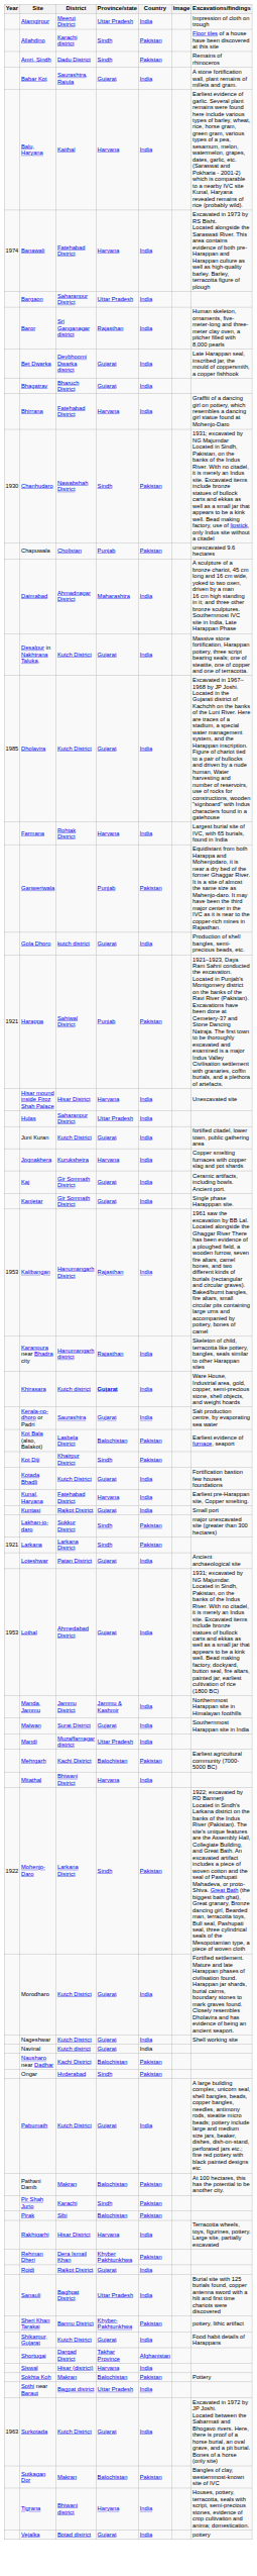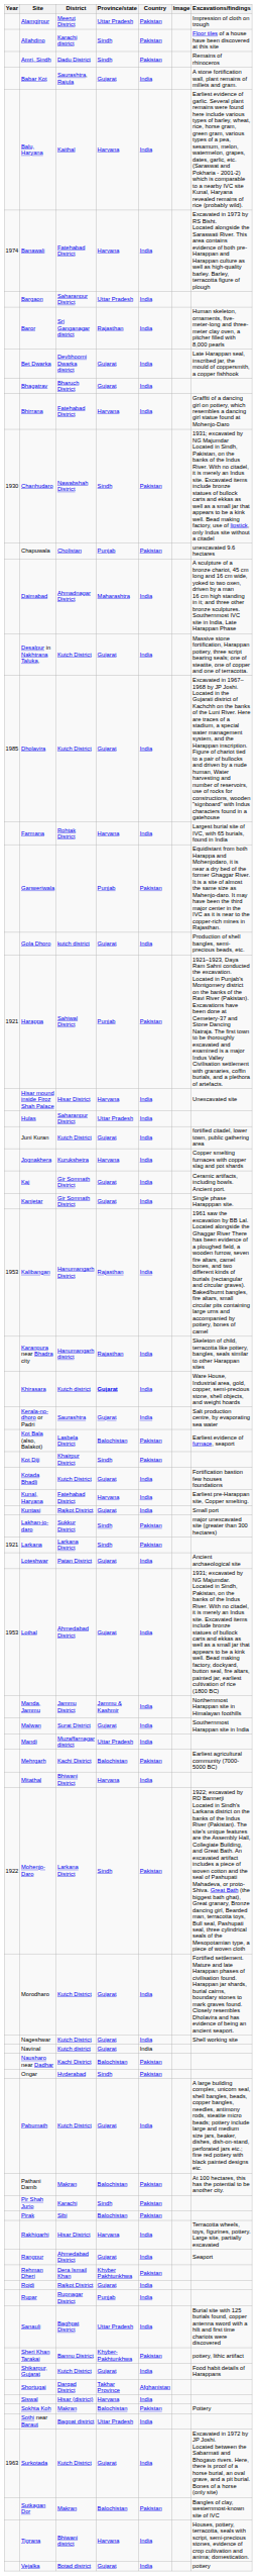 <table class="wikitable sortable">
 <tr>
 <th>Year</th>
 <th>Site</th>
 <th>District</th>
 <th>Province/state</th>
 <th>Country</th>
 <th>Image</th>
 <th>Excavations/findings</th>
 </tr>
 <tr>
 <td></td>
 <td><a href='#'>Alamgirpur</a></td>
 <td><a href='#'>Meerut District</a></td>
 <td><a href='#'>Uttar Pradesh</a></td>
-<td><a href='#'>India</a></td>
+<td><a href='#'>Pakistan</a></td>
 <td></td>
 <td>Impression of cloth on trough</td>
 </tr>
 <tr>
 <td></td>
 <td><a href='#'>Allahdino</a></td>
 <td><a href='#'>Karachi district</a></td>
 <td><a href='#'>Sindh</a></td>
 <td><a href='#'>Pakistan</a></td>
 <td></td>
 <td><a href='#'>Floor tiles</a> of a house have been discovered at this site</td>
 </tr>
 <tr>
 <td></td>
 <td><a href='#'>Amri, Sindh</a></td>
 <td><a href='#'>Dadu District</a></td>
 <td><a href='#'>Sindh</a></td>
 <td><a href='#'>Pakistan</a></td>
 <td></td>
 <td>Remains of rhinoceros</td>
 </tr>
 <tr>
 <td></td>
 <td><a href='#'>Babar Kot</a></td>
 <td><a href='#'>Saurashtra</a>, <a href='#'>Rajula</a></td>
 <td><a href='#'>Gujarat</a></td>
 <td><a href='#'>India</a></td>
 <td></td>
 <td>A stone fortification wall, plant remains of millets and gram.</td>
 </tr>
 <tr>
 <td></td>
 <td><a href='#'>Balu, Haryana</a></td>
 <td><a href='#'>Kaithal</a></td>
 <td><a href='#'>Haryana</a></td>
 <td><a href='#'>India</a></td>
 <td></td>
 <td>Earliest evidence of garlic. Several plant remains were found here include various types of barley, wheat, rice, horse gram, green gram, various types of a pea, sesamum, melon, watermelon, grapes, dates, garlic, etc. (Saraswat and Pokharia - 2001-2) which is comparable to a nearby IVC site Kunal, Haryana revealed remains of rice (probably wild).</td>
 </tr>
 <tr>
 <td>1974</td>
 <td><a href='#'>Banawali</a></td>
 <td><a href='#'>Fatehabad District</a></td>
 <td><a href='#'>Haryana</a></td>
 <td><a href='#'>India</a></td>
 <td></td>
 <td>Excavated in 1973 by RS Bisht.<br>Located alongside the Saraswati River.  This area contains evidence of both pre-Harappan and Harappan culture as well as high-quality barley.  Barley, terracotta figure of plough</td>
 </tr>
 <tr>
 <td></td>
 <td><a href='#'>Bargaon</a></td>
 <td><a href='#'>Saharanpur District</a></td>
 <td><a href='#'>Uttar Pradesh</a></td>
 <td><a href='#'>India</a></td>
 <td></td>
 <td></td>
 </tr>
 <tr>
 <td></td>
 <td><a href='#'>Baror</a></td>
 <td><a href='#'>Sri Ganganagar district</a></td>
 <td><a href='#'>Rajasthan</a></td>
 <td><a href='#'>India</a></td>
 <td></td>
 <td>Human skeleton, ornaments, five-meter-long and three-meter clay oven, a pitcher filled with 8,000 pearls</td>
 </tr>
 <tr>
 <td></td>
 <td><a href='#'>Bet Dwarka</a></td>
 <td><a href='#'>Devbhoomi Dwarka district</a></td>
 <td><a href='#'>Gujarat</a></td>
 <td><a href='#'>India</a></td>
 <td></td>
 <td>Late Harappan seal, inscribed jar, the mould of coppersmith, a copper fishhook</td>
 </tr>
 <tr>
 <td></td>
 <td><a href='#'>Bhagatrav</a></td>
 <td><a href='#'>Bharuch District</a></td>
 <td><a href='#'>Gujarat</a></td>
 <td><a href='#'>India</a></td>
 <td></td>
 <td></td>
 </tr>
 <tr>
 <td></td>
 <td><a href='#'>Bhirrana</a></td>
 <td><a href='#'>Fatehabad District</a></td>
 <td><a href='#'>Haryana</a></td>
 <td><a href='#'>India</a></td>
 <td></td>
 <td>Graffiti of a dancing girl on pottery, which resembles a dancing girl statue found at Mohenjo-Daro</td>
 </tr>
 <tr>
 <td>1930</td>
 <td><a href='#'>Chanhudaro</a></td>
 <td><a href='#'>Nawabshah District</a></td>
 <td><a href='#'>Sindh</a></td>
 <td><a href='#'>Pakistan</a></td>
 <td></td>
 <td>1931; excavated by NG Majumdar<br>Located in Sindh, Pakistan, on the banks of the Indus River. With no citadel, it is merely an Indus site.  Excavated items include bronze statues of bullock carts and ekkas as well as a small jar that appears to be a kink well. Bead making factory, use of <a href='#'>lipstick</a>, only Indus site without a citadel</td>
 </tr>
 <tr>
 <td></td>
 <td>Chapuwala</td>
 <td><a href='#'>Cholistan</a></td>
 <td><a href='#'>Punjab</a></td>
 <td><a href='#'>Pakistan</a></td>
 <td></td>
 <td>unexcavated 9.6 hectares</td>
 </tr>
 <tr>
 <td></td>
 <td><a href='#'>Daimabad</a></td>
 <td><a href='#'>Ahmadnagar District</a></td>
 <td><a href='#'>Maharashtra</a></td>
 <td><a href='#'>India</a></td>
 <td></td>
 <td>A sculpture of a bronze chariot, 45 cm long and 16 cm wide, yoked to two oxen, driven by a man 16 cm high standing in it; and three other bronze sculptures. Southernmost IVC site in India, Late Harappan Phase</td>
 </tr>
 <tr>
 <td></td>
 <td><a href='#'>Desalpur</a> in <a href='#'>Nakhtrana Taluka</a>,</td>
 <td><a href='#'>Kutch District</a></td>
 <td><a href='#'>Gujarat</a></td>
 <td><a href='#'>India</a></td>
 <td></td>
 <td>Massive stone fortification, Harappan pottery, three script bearing seals; one of steatite, one of copper and one of terracotta.</td>
 </tr>
 <tr>
 <td>1985</td>
 <td><a href='#'>Dholavira</a></td>
 <td><a href='#'>Kutch District</a></td>
 <td><a href='#'>Gujarat</a></td>
 <td><a href='#'>India</a></td>
 <td></td>
 <td>Excavated in 1967–1968 by JP Joshi.<br>Located in the Gujarati district of Kachchh on the banks of the Luni River.  Here are traces of a stadium, a special water management system, and the Harappan inscription.  Figure of chariot tied to a pair of bullocks and driven by a nude human, Water harvesting and number of reservoirs, use of rocks for constructions, wooden "signboard" with Indus characters found in a gatehouse</td>
 </tr>
 <tr>
 <td></td>
 <td><a href='#'>Farmana</a></td>
 <td><a href='#'>Rohtak District</a></td>
 <td><a href='#'>Haryana</a></td>
 <td><a href='#'>India</a></td>
 <td></td>
 <td>Largest burial site of IVC, with 65 burials, found in India</td>
 </tr>
 <tr>
 <td></td>
 <td><a href='#'>Ganweriwala</a></td>
 <td></td>
 <td><a href='#'>Punjab</a></td>
 <td><a href='#'>Pakistan</a></td>
 <td></td>
 <td>Equidistant from both Harappa and Mohenjodaro, it is near a dry bed of the former Ghaggar River. It is a site of almost the same size as Mahenjo-daro. It may have been the third major center in the IVC as it is near to the copper-rich mines in Rajasthan.</td>
 </tr>
 <tr>
 <td></td>
 <td><a href='#'>Gola Dhoro</a></td>
 <td><a href='#'>kutch district</a></td>
 <td><a href='#'>Gujarat</a></td>
 <td><a href='#'>India</a></td>
 <td></td>
 <td>Production of shell bangles, semi-precious beads, etc.</td>
 </tr>
 <tr>
 <td>1921</td>
 <td><a href='#'>Harappa</a></td>
 <td><a href='#'>Sahiwal District</a></td>
 <td><a href='#'>Punjab</a></td>
 <td><a href='#'>Pakistan</a></td>
 <td></td>
 <td>1921–1923, Daya Ram Sahni conducted the excavation.<br>Located in Punjab's Montgomery district on the banks of the Ravi River (Pakistan).  Excavations have been done at Cemetery-37 and Stone Dancing Natraja.  The first town to be thoroughly excavated and examined is a major Indus Valley Civilisation settlement with granaries, coffin burials, and a plethora of artefacts.</td>
 </tr>
 <tr>
 <td></td>
 <td><a href='#'>Hisar mound inside Firoz Shah Palace</a></td>
 <td><a href='#'>Hisar District</a></td>
 <td><a href='#'>Haryana</a></td>
 <td><a href='#'>India</a></td>
 <td></td>
 <td>Unexcavated site</td>
 </tr>
 <tr>
 <td></td>
 <td><a href='#'>Hulas</a></td>
 <td><a href='#'>Saharanpur District</a></td>
 <td><a href='#'>Uttar Pradesh</a></td>
 <td><a href='#'>India</a></td>
 <td></td>
 <td></td>
 </tr>
 <tr>
 <td></td>
 <td>Juni Kuran</td>
 <td><a href='#'>Kutch District</a></td>
 <td><a href='#'>Gujarat</a></td>
 <td><a href='#'>India</a></td>
 <td></td>
 <td>fortified citadel, lower town, public gathering area</td>
 </tr>
 <tr>
 <td></td>
 <td><a href='#'>Jognakhera</a></td>
 <td><a href='#'>Kurukshetra</a></td>
 <td><a href='#'>Haryana</a></td>
 <td><a href='#'>India</a></td>
 <td></td>
 <td>Copper smelting furnaces with copper slag and pot shards</td>
 </tr>
 <tr>
 <td></td>
 <td><a href='#'>Kaj</a></td>
 <td><a href='#'>Gir Somnath District</a></td>
 <td><a href='#'>Gujarat</a></td>
 <td><a href='#'>India</a></td>
 <td></td>
 <td>Ceramic artifacts, including bowls. Ancient port.</td>
 </tr>
 <tr>
 <td></td>
 <td><a href='#'>Kanjetar</a></td>
 <td><a href='#'>Gir Somnath District</a></td>
 <td><a href='#'>Gujarat</a></td>
 <td><a href='#'>India</a></td>
 <td></td>
 <td>Single phase Harapppan site.</td>
 </tr>
 <tr>
 <td>1953</td>
 <td><a href='#'>Kalibangan</a></td>
 <td><a href='#'>Hanumangarh District</a></td>
 <td><a href='#'>Rajasthan</a></td>
 <td><a href='#'>India</a></td>
 <td></td>
 <td>1961 saw the excavation by BB Lal.<br>Located alongside the Ghaggar River There has been evidence of a ploughed field, a wooden furrow, seven fire altars, camel bones, and two different kinds of burials (rectangular and circular graves). Baked/burnt bangles, fire altars, small circular pits containing large urns and accompanied by pottery, bones of camel</td>
 </tr>
 <tr>
 <td></td>
 <td><a href='#'>Karanpura</a> near <a href='#'>Bhadra</a> city</td>
 <td><a href='#'>Hanumangarh district</a></td>
 <td><a href='#'>Rajasthan</a></td>
 <td><a href='#'>India</a></td>
 <td></td>
 <td>Skeleton of child, terracotta like pottery, bangles, seals similar to other Harappan sites </td>
 </tr>
 <tr>
 <td></td>
 <td><a href='#'>Khirasara</a></td>
 <td><a href='#'>Kutch district</a></td>
 <td><strong><a href='#'>Gujarat</a></strong></td>
 <td><a href='#'>India</a></td>
 <td></td>
 <td>Ware House, Industrial area, gold, copper, semi-precious stone, shell objects, and weight hoards</td>
 </tr>
 <tr>
 <td></td>
 <td><a href='#'>Kerala-no-dhoro</a> or Padri</td>
 <td><a href='#'>Saurashtra</a></td>
 <td><a href='#'>Gujarat</a></td>
 <td><a href='#'>India</a></td>
 <td></td>
 <td>Salt production centre, by evaporating sea water</td>
 </tr>
 <tr>
 <td></td>
 <td><a href='#'>Kot Bala</a> (also, Balakot)</td>
 <td><a href='#'>Lasbela District</a></td>
 <td><a href='#'>Balochistan</a></td>
 <td><a href='#'>Pakistan</a></td>
 <td></td>
 <td>Earliest evidence of <a href='#'>furnace</a>, seaport</td>
 </tr>
 <tr>
 <td></td>
 <td><a href='#'>Kot Diji</a></td>
 <td><a href='#'>Khairpur District</a></td>
 <td><a href='#'>Sindh</a></td>
 <td><a href='#'>Pakistan</a></td>
 <td></td>
 <td></td>
 </tr>
 <tr>
 <td></td>
 <td><a href='#'>Kotada Bhadli</a></td>
 <td><a href='#'>Kutch District</a></td>
 <td><a href='#'>Gujarat</a></td>
 <td><a href='#'>India</a></td>
 <td></td>
 <td>Fortification bastion few houses foundations</td>
 </tr>
 <tr>
 <td></td>
 <td><a href='#'>Kunal, Haryana</a></td>
 <td><a href='#'>Fatehabad District</a></td>
 <td><a href='#'>Haryana</a></td>
 <td><a href='#'>India</a></td>
 <td></td>
 <td>Earliest pre-Harappan site, Copper smelting.</td>
 </tr>
 <tr>
 <td></td>
 <td><a href='#'>Kuntasi</a></td>
 <td><a href='#'>Rajkot District</a></td>
 <td><a href='#'>Gujarat</a></td>
 <td><a href='#'>India</a></td>
 <td></td>
 <td>Small port</td>
 </tr>
 <tr>
 <td></td>
 <td><a href='#'>Lakhan-jo-daro</a></td>
 <td><a href='#'>Sukkur District</a></td>
 <td><a href='#'>Sindh</a></td>
 <td><a href='#'>Pakistan</a></td>
 <td></td>
 <td>major unexcavated site (greater than 300 hectares)</td>
 </tr>
 <tr>
 <td>1921</td>
 <td><a href='#'>Larkana</a></td>
 <td><a href='#'>Larkana District</a></td>
 <td><a href='#'>Sindh</a></td>
 <td><a href='#'>Pakistan</a></td>
 <td></td>
 <td></td>
 </tr>
 <tr>
 <td></td>
 <td><a href='#'>Loteshwar</a></td>
 <td><a href='#'>Patan District</a></td>
 <td><a href='#'>Gujarat</a></td>
 <td><a href='#'>India</a></td>
 <td></td>
 <td>Ancient archaeological site</td>
 </tr>
 <tr>
 <td>1953</td>
 <td><a href='#'>Lothal</a></td>
 <td><a href='#'>Ahmedabad District</a></td>
 <td><a href='#'>Gujarat</a></td>
 <td><a href='#'>India</a></td>
 <td></td>
 <td>1931; excavated by NG Majumdar.<br>Located in Sindh, Pakistan, on the banks of the Indus River.  With no citadel, it is merely an Indus site.  Excavated items include bronze statues of bullock carts and ekkas as well as a small jar that appears to be a kink well. Bead making factory, dockyard, button seal, fire altars, painted jar, earliest cultivation of rice (1800 BC)</td>
 </tr>
 <tr>
 <td></td>
 <td><a href='#'>Manda, Jammu</a></td>
 <td><a href='#'>Jammu District</a></td>
 <td><a href='#'>Jammu & Kashmir</a></td>
 <td><a href='#'>India</a></td>
 <td></td>
 <td>Northernmost Harappan site in Himalayan foothills</td>
 </tr>
 <tr>
 <td></td>
 <td><a href='#'>Malwan</a></td>
 <td><a href='#'>Surat District</a></td>
 <td><a href='#'>Gujarat</a></td>
 <td><a href='#'>India</a></td>
 <td></td>
 <td>Southernmost Harappan site in India</td>
 </tr>
 <tr>
 <td></td>
 <td><a href='#'>Mandi</a></td>
 <td><a href='#'>Muzaffarnagar district</a></td>
 <td><a href='#'>Uttar Pradesh</a></td>
 <td><a href='#'>India</a></td>
 <td></td>
 <td></td>
 </tr>
 <tr>
 <td></td>
 <td><a href='#'>Mehrgarh</a></td>
 <td><a href='#'>Kachi District</a></td>
 <td><a href='#'>Balochistan</a></td>
 <td><a href='#'>Pakistan</a></td>
 <td></td>
 <td>Earliest agricultural community (7000-5000 BC)</td>
 </tr>
 <tr>
 <td></td>
 <td><a href='#'>Mitathal</a></td>
 <td><a href='#'>Bhiwani District</a></td>
 <td><a href='#'>Haryana</a></td>
 <td><a href='#'>India</a></td>
 <td></td>
 <td></td>
 </tr>
 <tr>
 <td>1922</td>
 <td><a href='#'>Mohenjo-Daro</a></td>
 <td><a href='#'>Larkana District</a></td>
 <td><a href='#'>Sindh</a></td>
 <td><a href='#'>Pakistan</a></td>
 <td></td>
 <td>1922; excavated by RD Bannerji<br>Located in Sindh's Larkana district on the banks of the Indus River (Pakistan).  The site's unique features are the Assembly Hall, Collegiate Building, and Great Bath.  An excavated artifact includes a piece of woven cotton and the seal of Pashupati Mahadeva, or proto-Shiva. <a href='#'>Great Bath</a> (the biggest bath ghat), Great granary, Bronze dancing girl, Bearded man, terracotta toys, Bull seal, Pashupati seal, three cylindrical seals of the Mesopotamian type, a piece of woven cloth</td>
 </tr>
 <tr>
 <td></td>
 <td>Morodharo</td>
 <td><a href='#'>Kutch District</a></td>
 <td><a href='#'>Gujarat</a></td>
 <td><a href='#'>India</a></td>
 <td></td>
 <td>Fortified settlement. Mature and late Harappan phases of civilisation found. Harappan jar shards, burial cairns, boundary stones to mark graves found. Closely resembles Dholavira and has evidence of being an ancient seaport.</td>
 </tr>
 <tr>
 <td></td>
 <td>Nageshwar</td>
 <td><a href='#'>Kutch District</a></td>
 <td><a href='#'>Gujarat</a></td>
 <td><a href='#'>India</a></td>
 <td></td>
 <td>Shell working site</td>
 </tr>
 <tr>
 <td></td>
 <td>Navinal</td>
 <td><a href='#'>Kutch district</a></td>
 <td><a href='#'>Gujarat</a></td>
 <td>India</td>
 <td></td>
 <td></td>
 </tr>
 <tr>
 <td></td>
 <td><a href='#'>Nausharo</a> near <a href='#'>Dadhar</a></td>
 <td><a href='#'>Kachi District</a></td>
 <td><a href='#'>Balochistan</a></td>
 <td><a href='#'>Pakistan</a></td>
 <td></td>
 <td></td>
 </tr>
 <tr>
 <td></td>
 <td>Ongar</td>
 <td><a href='#'>Hyderabad</a></td>
 <td><a href='#'>Sindh</a></td>
 <td><a href='#'>Pakistan</a></td>
 <td></td>
 <td></td>
 </tr>
 <tr>
 <td></td>
 <td><a href='#'>Pabumath</a></td>
 <td><a href='#'>Kutch District</a></td>
 <td><a href='#'>Gujarat</a></td>
 <td><a href='#'>India</a></td>
 <td></td>
 <td>A large building complex, unicorn seal, shell bangles, beads, copper bangles, needles, antimony rods, steatite micro beads; pottery include large and medium size jars, beaker, dishes, dish-on-stand, perforated jars etc.; fine red pottery with black painted designs etc.</td>
 </tr>
 <tr>
 <td></td>
 <td>Pathani Damb</td>
 <td><a href='#'>Makran</a></td>
 <td><a href='#'>Balochistan</a></td>
 <td><a href='#'>Pakistan</a></td>
 <td></td>
 <td>At 100 hectares, this has the potential to be another city.</td>
 </tr>
 <tr>
 <td></td>
 <td><a href='#'>Pir Shah Jurio</a></td>
 <td><a href='#'>Karachi</a></td>
 <td><a href='#'>Sindh</a></td>
 <td><a href='#'>Pakistan</a></td>
 <td></td>
 <td></td>
 </tr>
 <tr>
 <td></td>
 <td><a href='#'>Pirak</a></td>
 <td><a href='#'>Sibi</a></td>
 <td><a href='#'>Balochistan</a></td>
 <td><a href='#'>Pakistan</a></td>
 <td></td>
 <td></td>
 </tr>
 <tr>
 <td></td>
 <td><a href='#'>Rakhigarhi</a></td>
 <td><a href='#'>Hisar District</a></td>
 <td><a href='#'>Haryana</a></td>
 <td><a href='#'>India</a></td>
 <td></td>
 <td>Terracotta wheels, toys, figurines, pottery. Large site, partially excavated</td>
 </tr>
 <tr>
 <td></td>
+<td><a href='#'>Rangpur</a></td>
+<td><a href='#'>Ahmedabad District</a></td>
+<td><a href='#'>Gujarat</a></td>
+<td><a href='#'>India</a></td>
+<td></td>
+<td>Seaport</td>
+</tr>
+<tr>
+<td></td>
 <td><a href='#'>Rehman Dheri</a></td>
 <td><a href='#'>Dera Ismail Khan</a></td>
 <td><a href='#'>Khyber Pakhtunkhwa</a></td>
 <td><a href='#'>Pakistan</a></td>
 <td></td>
 <td></td>
 </tr>
 <tr>
 <td></td>
 <td><a href='#'>Rojdi</a></td>
 <td><a href='#'>Rajkot District</a></td>
 <td><a href='#'>Gujarat</a></td>
+<td><a href='#'>India</a></td>
+<td></td>
+<td></td>
+</tr>
+<tr>
+<td></td>
+<td><a href='#'>Rupar</a></td>
+<td><a href='#'>Rupnagar District</a></td>
+<td><a href='#'>Punjab</a></td>
 <td><a href='#'>India</a></td>
 <td></td>
 <td></td>
 </tr>
 <tr>
 <td></td>
 <td><a href='#'>Sanauli</a></td>
 <td><a href='#'>Baghpat District</a></td>
 <td><a href='#'>Uttar Pradesh</a></td>
 <td><a href='#'>India</a></td>
 <td></td>
 <td>Burial site with 125 burials found, copper antenna sword with a hilt and first time chariots were discovered</td>
 </tr>
 <tr>
 <td></td>
 <td><a href='#'>Sheri Khan Tarakai</a></td>
 <td><a href='#'>Bannu District</a></td>
 <td><a href='#'>Khyber-Pakhtunkhwa</a></td>
 <td><a href='#'>Pakistan</a></td>
 <td></td>
 <td>pottery, lithic artifact</td>
 </tr>
 <tr>
 <td></td>
 <td><a href='#'>Shikarpur, Gujarat</a></td>
 <td><a href='#'>Kutch District</a></td>
 <td><a href='#'>Gujarat</a></td>
 <td><a href='#'>India</a></td>
 <td></td>
 <td>Food habit details of Harappans</td>
 </tr>
 <tr>
 <td></td>
 <td><a href='#'>Shortugai</a></td>
 <td><a href='#'>Darqad District</a></td>
 <td><a href='#'>Takhar Province</a></td>
 <td><a href='#'>Afghanistan</a></td>
 <td></td>
 <td></td>
 </tr>
 <tr>
 <td></td>
 <td><a href='#'>Siswal</a></td>
 <td><a href='#'>Hisar (district)</a></td>
 <td><a href='#'>Haryana</a></td>
 <td><a href='#'>India</a></td>
 <td></td>
 <td></td>
 </tr>
 <tr>
 <td></td>
 <td><a href='#'>Sokhta Koh</a></td>
 <td><a href='#'>Makran</a></td>
 <td><a href='#'>Balochistan</a></td>
 <td><a href='#'>Pakistan</a></td>
 <td></td>
 <td>Pottery</td>
 </tr>
 <tr>
 <td></td>
 <td><a href='#'>Sothi</a> near <a href='#'>Baraut</a></td>
 <td><a href='#'>Bagpat district</a></td>
 <td><a href='#'>Uttar Pradesh</a></td>
 <td><a href='#'>India</a></td>
 <td></td>
 <td></td>
 </tr>
 <tr>
 <td>1963</td>
 <td><a href='#'>Surkotada</a></td>
 <td><a href='#'>Kutch District</a></td>
 <td><a href='#'>Gujarat</a></td>
 <td><a href='#'>India</a></td>
 <td></td>
 <td>Excavated in 1972 by JP Joshi.<br>Located between the Sabarmati and Bhogavo rivers.  Here, there is proof of a horse burial, an oval grave, and a pit burial. Bones of a horse (only site)</td>
 </tr>
 <tr>
 <td></td>
 <td><a href='#'>Sutkagan Dor</a></td>
 <td><a href='#'>Makran</a></td>
 <td><a href='#'>Balochistan</a></td>
 <td><a href='#'>Pakistan</a></td>
 <td></td>
 <td>Bangles of clay, westernmost-known site of IVC</td>
 </tr>
 <tr>
 <td></td>
 <td><a href='#'>Tigrana</a></td>
 <td><a href='#'>Bhiwani district</a></td>
 <td><a href='#'>Haryana</a></td>
 <td><a href='#'>India</a></td>
 <td></td>
 <td>Houses, pottery, terracotta, seals with script, semi-precious stones, evidence of crop cultivation and anima; domestication.</td>
 </tr>
 <tr>
 <td></td>
 <td><a href='#'>Vejalka</a></td>
 <td><a href='#'>Botad district</a></td>
 <td><a href='#'>Gujarat</a></td>
 <td><a href='#'>India</a></td>
 <td></td>
 <td>pottery</td>
 </tr>
 </table>
